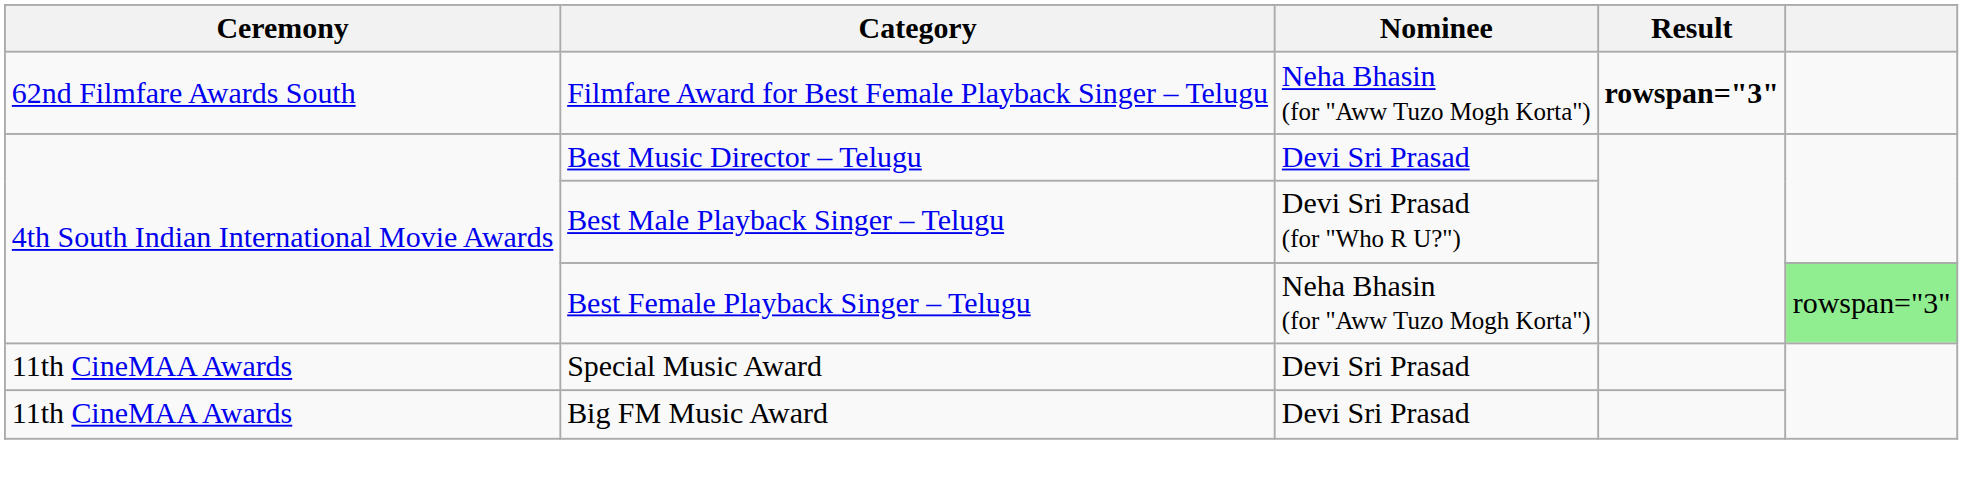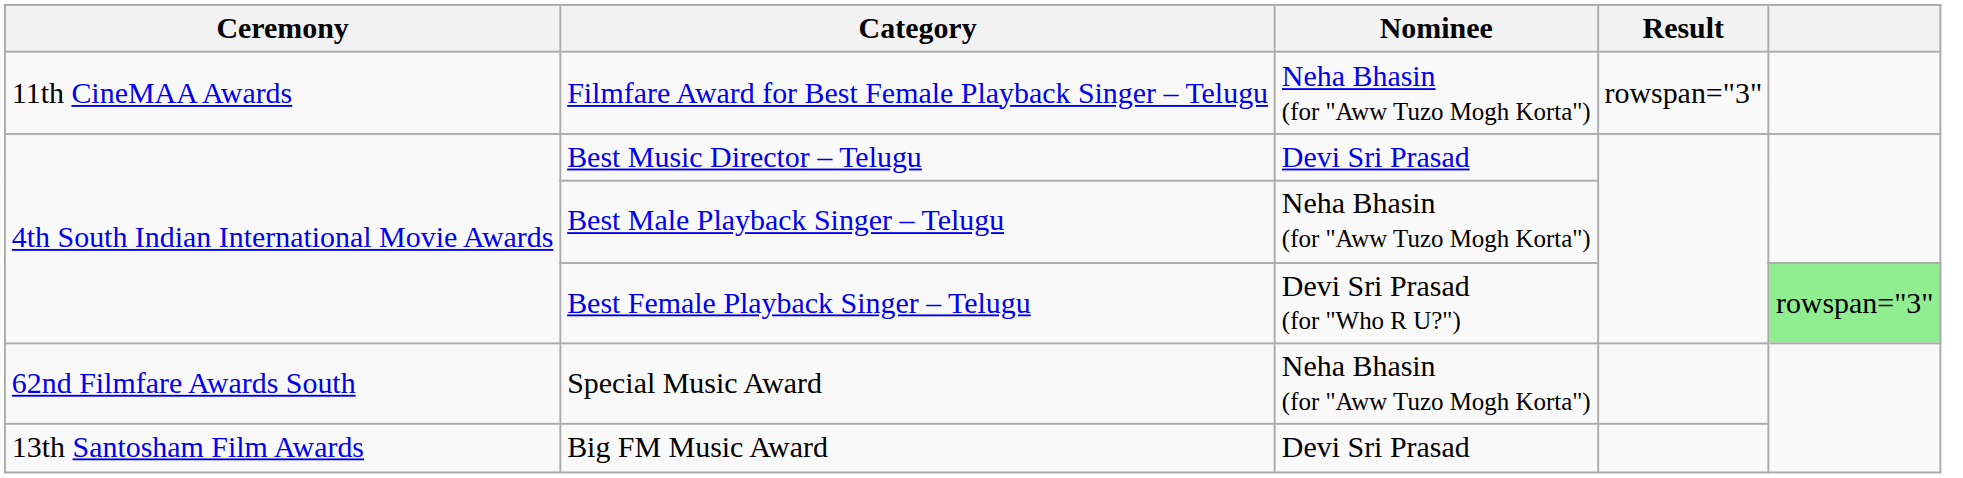 <table class="wikitable">
 <tr>
 <th>Ceremony</th>
 <th>Category</th>
 <th>Nominee</th>
 <th>Result</th>
 <th></th>
 </tr>
 <tr>
-<td><a href='#'>62nd Filmfare Awards South</a></td>
+<td>11th <a href='#'>CineMAA Awards</a></td>
 <td><a href='#'>Filmfare Award for Best Female Playback Singer&nbsp;– Telugu</a></td>
 <td><a href='#'>Neha Bhasin</a><br><small>(for "Aww Tuzo Mogh Korta")</small></td>
-<td><strong>rowspan="3" </strong></td>
+<td>rowspan="3" </td>
 <td></td>
 </tr>
 <tr>
 <td rowspan="3"><a href='#'>4th South Indian International Movie Awards</a></td>
 <td><a href='#'>Best Music Director – Telugu</a></td>
 <td><a href='#'>Devi Sri Prasad</a></td>
 <td rowspan="3"></td>
 </tr>
 <tr>
 <td><a href='#'>Best Male Playback Singer – Telugu</a></td>
-<td>Devi Sri Prasad<br><small>(for "Who R U?")</small></td>
+<td>Neha Bhasin<br><small>(for "Aww Tuzo Mogh Korta")</small></td>
 </tr>
 <tr>
 <td><a href='#'>Best Female Playback Singer – Telugu</a></td>
-<td>Neha Bhasin<br><small>(for "Aww Tuzo Mogh Korta")</small></td>
+<td>Devi Sri Prasad<br><small>(for "Who R U?")</small></td>
 <td style="background: lightgreen;">rowspan="3" </td>
 </tr>
 <tr>
-<td>11th <a href='#'>CineMAA Awards</a></td>
+<td><a href='#'>62nd Filmfare Awards South</a></td>
 <td>Special Music Award</td>
-<td>Devi Sri Prasad</td>
+<td>Neha Bhasin<br><small>(for "Aww Tuzo Mogh Korta")</small></td>
 <td></td>
 </tr>
 <tr>
-<td>11th <a href='#'>CineMAA Awards</a></td>
+<td>13th <a href='#'>Santosham Film Awards</a></td>
 <td>Big FM Music Award</td>
 <td>Devi Sri Prasad</td>
 <td></td>
 </tr>
 </table>
